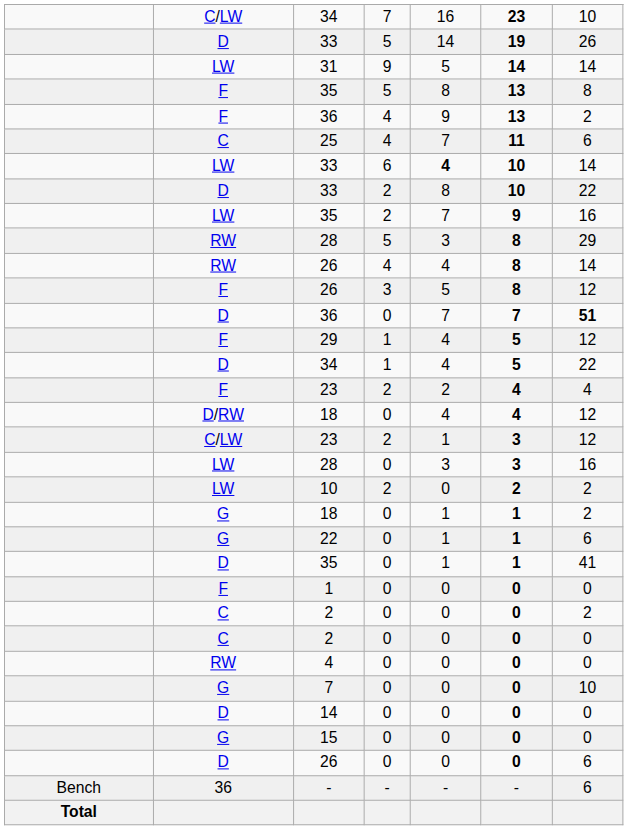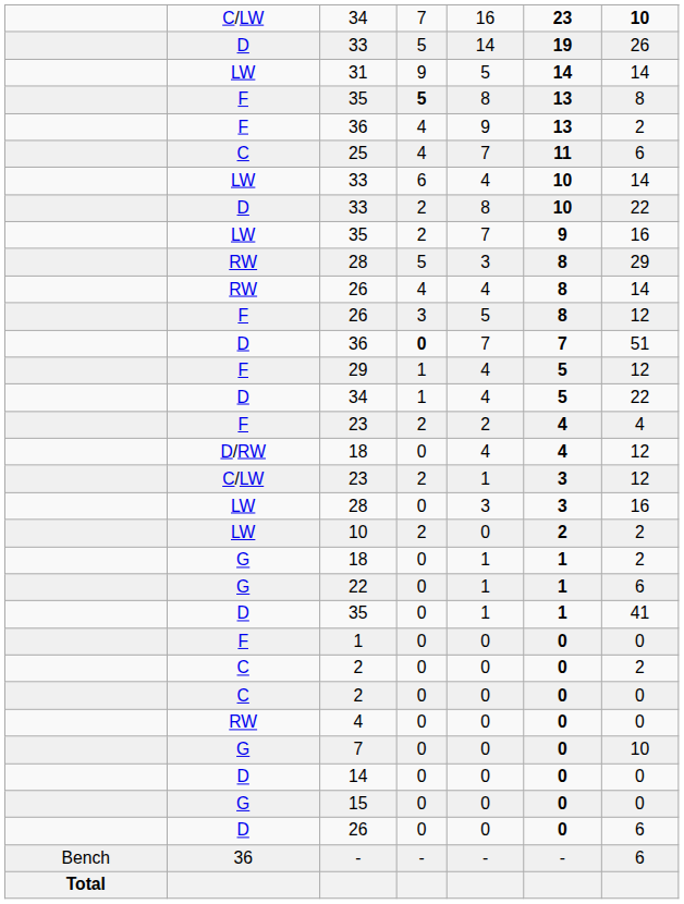 <table class="wikitable sortable" width ="50%">
 <tr align="center">
 </tr>
 <tr align="center" bgcolor="">
 <td></td>
 <td><a href='#'>C</a>/<a href='#'>LW</a></td>
 <td>34</td>
 <td>7</td>
 <td>16</td>
 <td><strong>23</strong></td>
-<td>10</td>
+<td><strong>10</strong></td>
 </tr>
 <tr align="center" bgcolor="f0f0f0">
 <td></td>
 <td><a href='#'>D</a></td>
 <td>33</td>
 <td>5</td>
 <td>14</td>
 <td><strong>19</strong></td>
 <td>26</td>
 </tr>
 <tr align="center" bgcolor="">
 <td></td>
 <td><a href='#'>LW</a></td>
 <td>31</td>
 <td>9</td>
 <td>5</td>
 <td><strong>14</strong></td>
 <td>14</td>
 </tr>
 <tr align="center" bgcolor="f0f0f0">
 <td></td>
 <td><a href='#'>F</a></td>
 <td>35</td>
-<td>5</td>
+<td><strong>5</strong></td>
 <td>8</td>
 <td><strong>13</strong></td>
 <td>8</td>
 </tr>
 <tr align="center" bgcolor="">
 <td></td>
 <td><a href='#'>F</a></td>
 <td>36</td>
 <td>4</td>
 <td>9</td>
 <td><strong>13</strong></td>
 <td>2</td>
 </tr>
 <tr align="center" bgcolor="f0f0f0">
 <td></td>
 <td><a href='#'>C</a></td>
 <td>25</td>
 <td>4</td>
 <td>7</td>
 <td><strong>11</strong></td>
 <td>6</td>
 </tr>
 <tr align="center" bgcolor="">
 <td></td>
 <td><a href='#'>LW</a></td>
 <td>33</td>
 <td>6</td>
-<td><strong>4</strong></td>
+<td>4</td>
 <td><strong>10</strong></td>
 <td>14</td>
 </tr>
 <tr align="center" bgcolor="f0f0f0">
 <td></td>
 <td><a href='#'>D</a></td>
 <td>33</td>
 <td>2</td>
 <td>8</td>
 <td><strong>10</strong></td>
 <td>22</td>
 </tr>
 <tr align="center" bgcolor="">
 <td></td>
 <td><a href='#'>LW</a></td>
 <td>35</td>
 <td>2</td>
 <td>7</td>
 <td><strong>9</strong></td>
 <td>16</td>
 </tr>
 <tr align="center" bgcolor="f0f0f0">
 <td></td>
 <td><a href='#'>RW</a></td>
 <td>28</td>
 <td>5</td>
 <td>3</td>
 <td><strong>8</strong></td>
 <td>29</td>
 </tr>
 <tr align="center" bgcolor="">
 <td></td>
 <td><a href='#'>RW</a></td>
 <td>26</td>
 <td>4</td>
 <td>4</td>
 <td><strong>8</strong></td>
 <td>14</td>
 </tr>
 <tr align="center" bgcolor="f0f0f0">
 <td></td>
 <td><a href='#'>F</a></td>
 <td>26</td>
 <td>3</td>
 <td>5</td>
 <td><strong>8</strong></td>
 <td>12</td>
 </tr>
 <tr align="center" bgcolor="">
 <td></td>
 <td><a href='#'>D</a></td>
 <td>36</td>
-<td>0</td>
+<td><strong>0</strong></td>
 <td>7</td>
 <td><strong>7</strong></td>
-<td><strong>51</strong></td>
+<td>51</td>
 </tr>
 <tr align="center" bgcolor="f0f0f0">
 <td></td>
 <td><a href='#'>F</a></td>
 <td>29</td>
 <td>1</td>
 <td>4</td>
 <td><strong>5</strong></td>
 <td>12</td>
 </tr>
 <tr align="center" bgcolor="">
 <td></td>
 <td><a href='#'>D</a></td>
 <td>34</td>
 <td>1</td>
 <td>4</td>
 <td><strong>5</strong></td>
 <td>22</td>
 </tr>
 <tr align="center" bgcolor="f0f0f0">
 <td></td>
 <td><a href='#'>F</a></td>
 <td>23</td>
 <td>2</td>
 <td>2</td>
 <td><strong>4</strong></td>
 <td>4</td>
 </tr>
 <tr align="center" bgcolor="">
 <td></td>
 <td><a href='#'>D</a>/<a href='#'>RW</a></td>
 <td>18</td>
 <td>0</td>
 <td>4</td>
 <td><strong>4</strong></td>
 <td>12</td>
 </tr>
 <tr align="center" bgcolor="f0f0f0">
 <td></td>
 <td><a href='#'>C</a>/<a href='#'>LW</a></td>
 <td>23</td>
 <td>2</td>
 <td>1</td>
 <td><strong>3</strong></td>
 <td>12</td>
 </tr>
 <tr align="center" bgcolor="">
 <td></td>
 <td><a href='#'>LW</a></td>
 <td>28</td>
 <td>0</td>
 <td>3</td>
 <td><strong>3</strong></td>
 <td>16</td>
 </tr>
 <tr align="center" bgcolor="f0f0f0">
 <td></td>
 <td><a href='#'>LW</a></td>
 <td>10</td>
 <td>2</td>
 <td>0</td>
 <td><strong>2</strong></td>
 <td>2</td>
 </tr>
 <tr align="center" bgcolor="">
 <td></td>
 <td><a href='#'>G</a></td>
 <td>18</td>
 <td>0</td>
 <td>1</td>
 <td><strong>1</strong></td>
 <td>2</td>
 </tr>
 <tr align="center" bgcolor="f0f0f0">
 <td></td>
 <td><a href='#'>G</a></td>
 <td>22</td>
 <td>0</td>
 <td>1</td>
 <td><strong>1</strong></td>
 <td>6</td>
 </tr>
 <tr align="center" bgcolor="">
 <td></td>
 <td><a href='#'>D</a></td>
 <td>35</td>
 <td>0</td>
 <td>1</td>
 <td><strong>1</strong></td>
 <td>41</td>
 </tr>
 <tr align="center" bgcolor="f0f0f0">
 <td></td>
 <td><a href='#'>F</a></td>
 <td>1</td>
 <td>0</td>
 <td>0</td>
 <td><strong>0</strong></td>
 <td>0</td>
 </tr>
 <tr align="center" bgcolor="">
 <td></td>
 <td><a href='#'>C</a></td>
 <td>2</td>
 <td>0</td>
 <td>0</td>
 <td><strong>0</strong></td>
 <td>2</td>
 </tr>
 <tr align="center" bgcolor="f0f0f0">
 <td></td>
 <td><a href='#'>C</a></td>
 <td>2</td>
 <td>0</td>
 <td>0</td>
 <td><strong>0</strong></td>
 <td>0</td>
 </tr>
 <tr align="center" bgcolor="">
 <td></td>
 <td><a href='#'>RW</a></td>
 <td>4</td>
 <td>0</td>
 <td>0</td>
 <td><strong>0</strong></td>
 <td>0</td>
 </tr>
 <tr align="center" bgcolor="f0f0f0">
 <td></td>
 <td><a href='#'>G</a></td>
 <td>7</td>
 <td>0</td>
 <td>0</td>
 <td><strong>0</strong></td>
 <td>10</td>
 </tr>
 <tr align="center" bgcolor="">
 <td></td>
 <td><a href='#'>D</a></td>
 <td>14</td>
 <td>0</td>
 <td>0</td>
 <td><strong>0</strong></td>
 <td>0</td>
 </tr>
 <tr align="center" bgcolor="f0f0f0">
 <td></td>
 <td><a href='#'>G</a></td>
 <td>15</td>
 <td>0</td>
 <td>0</td>
 <td><strong>0</strong></td>
 <td>0</td>
 </tr>
 <tr align="center" bgcolor="">
 <td></td>
 <td><a href='#'>D</a></td>
 <td>26</td>
 <td>0</td>
 <td>0</td>
 <td><strong>0</strong></td>
 <td>6</td>
 </tr>
 <tr align="center" bgcolor="f0f0f0">
 <td>Bench</td>
 <td>36</td>
 <td>-</td>
 <td>-</td>
 <td>-</td>
 <td>-</td>
 <td>6</td>
 </tr>
 <tr>
 <th>Total</th>
 <th></th>
 <th></th>
 <th></th>
 <th></th>
 <th></th>
 <th></th>
 </tr>
 </table>
